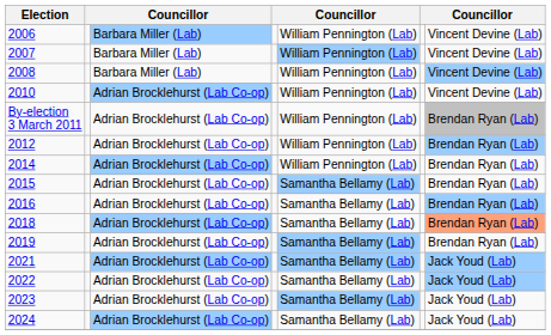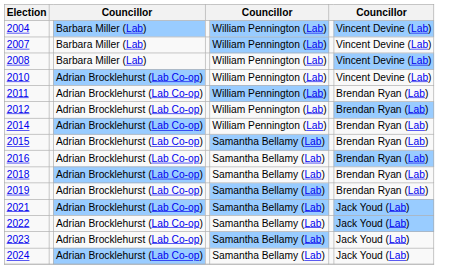 <table class="wikitable">
 <tr>
 <th>Election</th>
 <th colspan="2">Councillor</th>
 <th colspan="2">Councillor</th>
 <th colspan="2">Councillor</th>
 </tr>
 <tr>
-<td><a href='#'>2006</a></td>
+<td><a href='#'>2004</a></td>
 <td style="background-color: "></td>
 <td bgcolor="#99CCFF">Barbara Miller (<a href='#'>Lab</a>)</td>
 <td style="background-color: "></td>
-<td>William Pennington (<a href='#'>Lab</a>)</td>
+<td bgcolor="#99CCFF">William Pennington (<a href='#'>Lab</a>)</td>
 <td style="background-color: "></td>
-<td>Vincent Devine (<a href='#'>Lab</a>)</td>
+<td bgcolor="#99CCFF">Vincent Devine (<a href='#'>Lab</a>)</td>
 </tr>
 <tr>
 <td><a href='#'>2007</a></td>
 <td style="background-color: "></td>
 <td>Barbara Miller (<a href='#'>Lab</a>)</td>
 <td style="background-color: "></td>
 <td bgcolor="#99CCFF">William Pennington (<a href='#'>Lab</a>)</td>
 <td style="background-color: "></td>
 <td>Vincent Devine (<a href='#'>Lab</a>)</td>
 </tr>
 <tr>
 <td><a href='#'>2008</a></td>
 <td style="background-color: "></td>
 <td>Barbara Miller (<a href='#'>Lab</a>)</td>
 <td style="background-color: "></td>
 <td>William Pennington (<a href='#'>Lab</a>)</td>
 <td style="background-color: "></td>
 <td bgcolor="#99CCFF">Vincent Devine (<a href='#'>Lab</a>)</td>
 </tr>
 <tr>
 <td><a href='#'>2010</a></td>
 <td style="background-color: "></td>
 <td bgcolor="#99CCFF">Adrian Brocklehurst (<a href='#'>Lab Co-op</a>)</td>
 <td style="background-color: "></td>
 <td>William Pennington (<a href='#'>Lab</a>)</td>
 <td style="background-color: "></td>
 <td>Vincent Devine (<a href='#'>Lab</a>)</td>
 </tr>
 <tr>
-<td><a href='#'>By-election<br>3 March 2011</a></td>
+<td><a href='#'>2011</a></td>
 <td style="background-color: "></td>
 <td>Adrian Brocklehurst (<a href='#'>Lab Co-op</a>)</td>
 <td style="background-color: "></td>
-<td>William Pennington (<a href='#'>Lab</a>)</td>
+<td bgcolor="#99CCFF">William Pennington (<a href='#'>Lab</a>)</td>
 <td style="background-color: "></td>
-<td bgcolor="#C0C0C0">Brendan Ryan (<a href='#'>Lab</a>)</td>
+<td>Brendan Ryan (<a href='#'>Lab</a>)</td>
 </tr>
 <tr>
 <td><a href='#'>2012</a></td>
 <td style="background-color: "></td>
 <td>Adrian Brocklehurst (<a href='#'>Lab Co-op</a>)</td>
 <td style="background-color: "></td>
 <td>William Pennington (<a href='#'>Lab</a>)</td>
 <td style="background-color: "></td>
 <td bgcolor="#99CCFF">Brendan Ryan (<a href='#'>Lab</a>)</td>
 </tr>
 <tr>
 <td><a href='#'>2014</a></td>
 <td style="background-color: "></td>
 <td bgcolor="#99CCFF">Adrian Brocklehurst (<a href='#'>Lab Co-op</a>)</td>
 <td style="background-color: "></td>
 <td>William Pennington (<a href='#'>Lab</a>)</td>
 <td style="background-color: "></td>
 <td>Brendan Ryan (<a href='#'>Lab</a>)</td>
 </tr>
 <tr>
 <td><a href='#'>2015</a></td>
 <td style="background-color: "></td>
 <td>Adrian Brocklehurst (<a href='#'>Lab Co-op</a>)</td>
 <td style="background-color: "></td>
 <td bgcolor="#99CCFF">Samantha Bellamy (<a href='#'>Lab</a>)</td>
 <td style="background-color: "></td>
 <td>Brendan Ryan (<a href='#'>Lab</a>)</td>
 </tr>
 <tr>
 <td><a href='#'>2016</a></td>
 <td style="background-color: "></td>
 <td>Adrian Brocklehurst (<a href='#'>Lab Co-op</a>)</td>
 <td style="background-color: "></td>
 <td>Samantha Bellamy (<a href='#'>Lab</a>)</td>
 <td style="background-color: "></td>
 <td bgcolor="#99CCFF">Brendan Ryan (<a href='#'>Lab</a>)</td>
 </tr>
 <tr>
 <td><a href='#'>2018</a></td>
 <td style="background-color: "></td>
 <td bgcolor="#99CCFF">Adrian Brocklehurst (<a href='#'>Lab Co-op</a>)</td>
 <td style="background-color: "></td>
 <td>Samantha Bellamy (<a href='#'>Lab</a>)</td>
 <td style="background-color: "></td>
-<td style="background: lightsalmon;">Brendan Ryan (<a href='#'>Lab</a>)</td>
+<td>Brendan Ryan (<a href='#'>Lab</a>)</td>
 </tr>
 <tr>
 <td><a href='#'>2019</a></td>
 <td style="background-color: "></td>
 <td>Adrian Brocklehurst (<a href='#'>Lab Co-op</a>)</td>
 <td style="background-color: "></td>
 <td bgcolor="#99CCFF"bgcolor="#99CCFF">Samantha Bellamy (<a href='#'>Lab</a>)</td>
 <td style="background-color: "></td>
 <td>Brendan Ryan (<a href='#'>Lab</a>)</td>
 </tr>
 <tr>
 <td><a href='#'>2021</a></td>
 <td style="background-color: "></td>
 <td bgcolor="#99CCFF"bgcolor="#99CCFF">Adrian Brocklehurst (<a href='#'>Lab Co-op</a>)</td>
 <td style="background-color: "></td>
 <td bgcolor="#99CCFF"bgcolor="#99CCFF">Samantha Bellamy (<a href='#'>Lab</a>)</td>
 <td style="background-color: "></td>
 <td bgcolor="#99CCFF"bgcolor="#99CCFF">Jack Youd (<a href='#'>Lab</a>)</td>
 </tr>
 <tr>
 <td><a href='#'>2022</a></td>
 <td style="background-color: "></td>
 <td>Adrian Brocklehurst (<a href='#'>Lab Co-op</a>)</td>
 <td style="background-color: "></td>
 <td>Samantha Bellamy (<a href='#'>Lab</a>)</td>
 <td style="background-color: "></td>
 <td bgcolor="#99CCFF"bgcolor="#99CCFF">Jack Youd (<a href='#'>Lab</a>)</td>
 </tr>
 <tr>
 <td><a href='#'>2023</a></td>
 <td style="background-color: "></td>
 <td>Adrian Brocklehurst (<a href='#'>Lab Co-op</a>)</td>
 <td style="background-color: "></td>
 <td bgcolor="#99CCFF"bgcolor="#99CCFF">Samantha Bellamy (<a href='#'>Lab</a>)</td>
 <td style="background-color: "></td>
 <td>Jack Youd (<a href='#'>Lab</a>)</td>
 </tr>
 <tr>
 <td><a href='#'>2024</a></td>
 <td style="background-color: "></td>
 <td bgcolor="#99CCFF"bgcolor="#99CCFF">Adrian Brocklehurst (<a href='#'>Lab Co-op</a>)</td>
 <td style="background-color: "></td>
 <td>Samantha Bellamy (<a href='#'>Lab</a>)</td>
 <td style="background-color: "></td>
 <td>Jack Youd (<a href='#'>Lab</a>)</td>
 </tr>
 <tr>
 </tr>
 </table>
